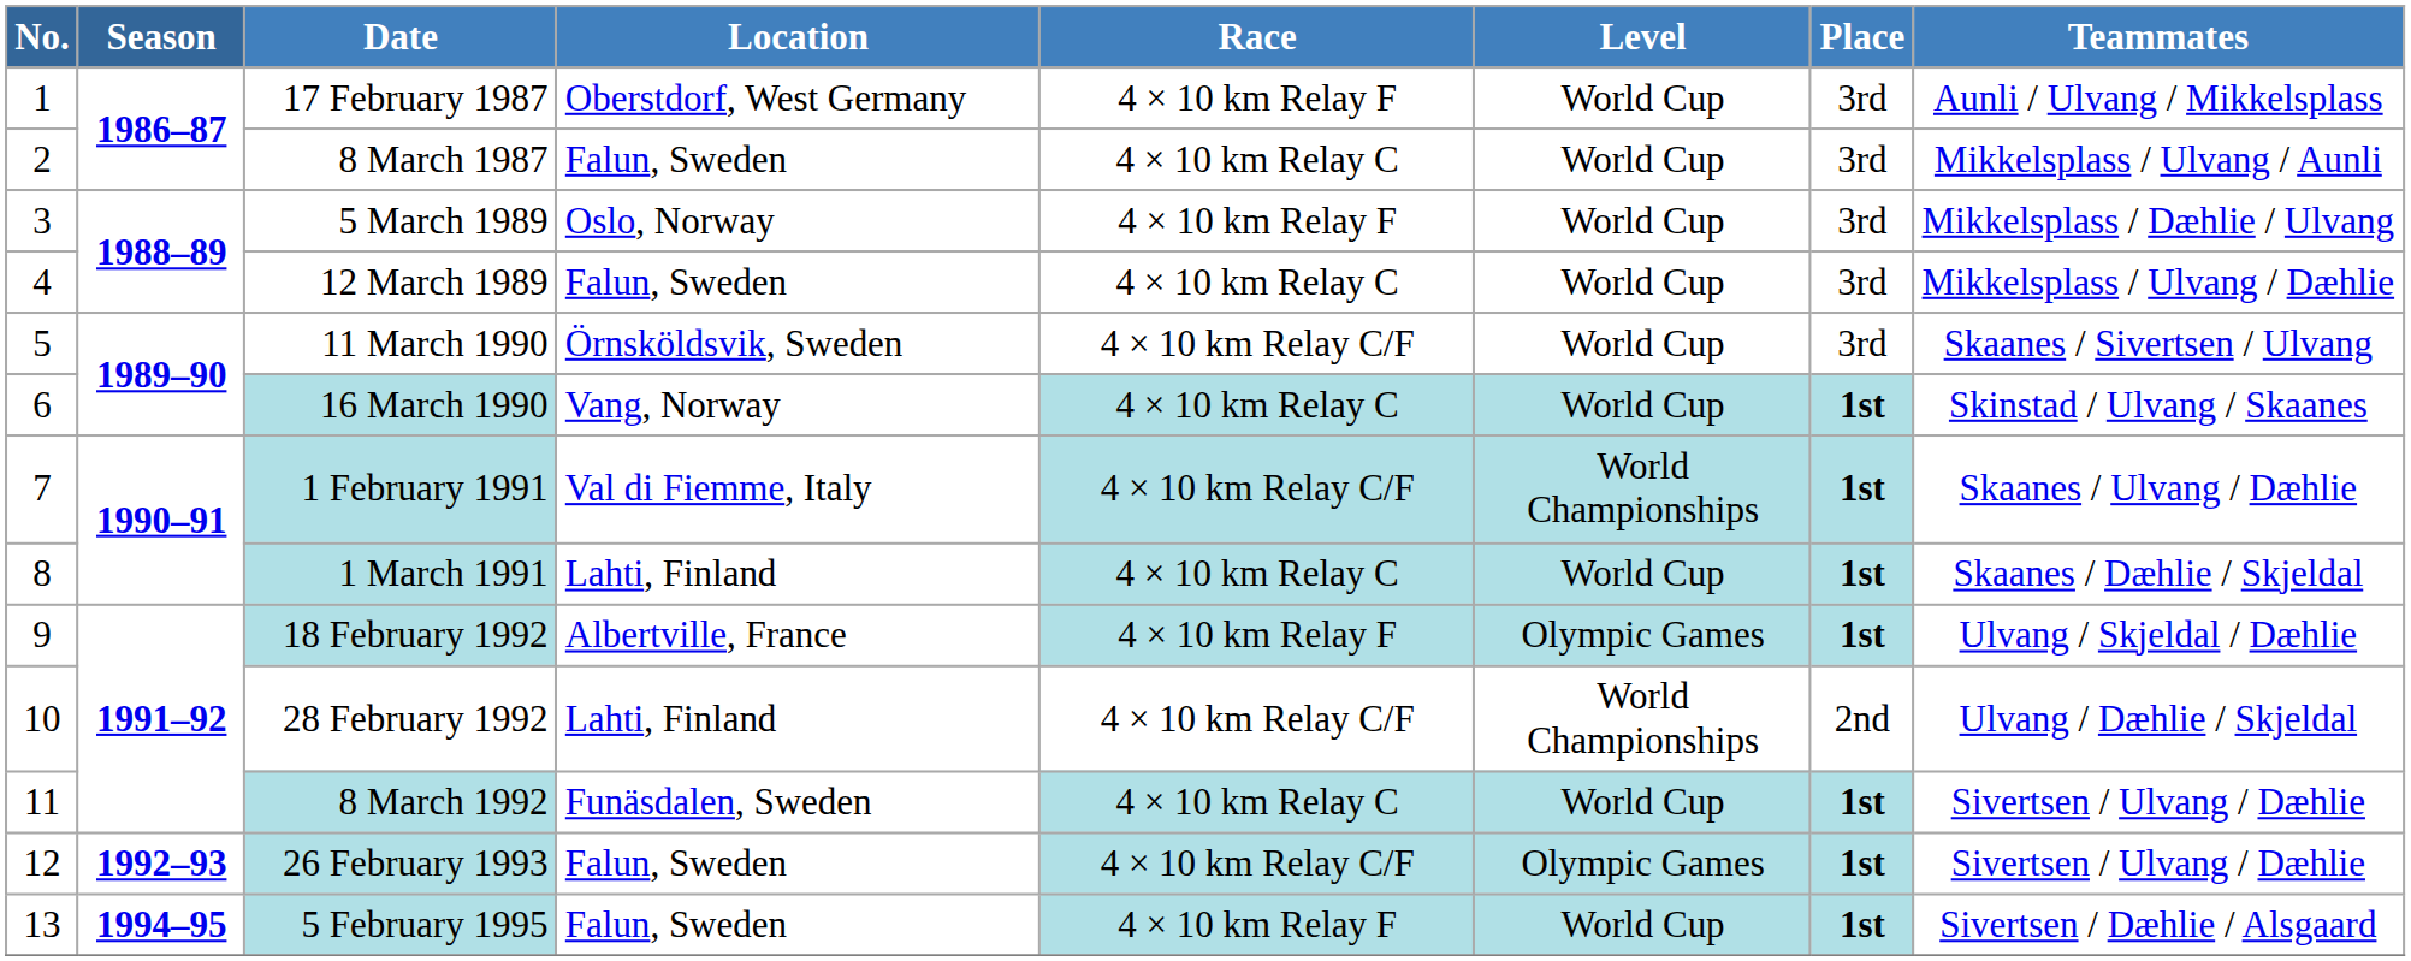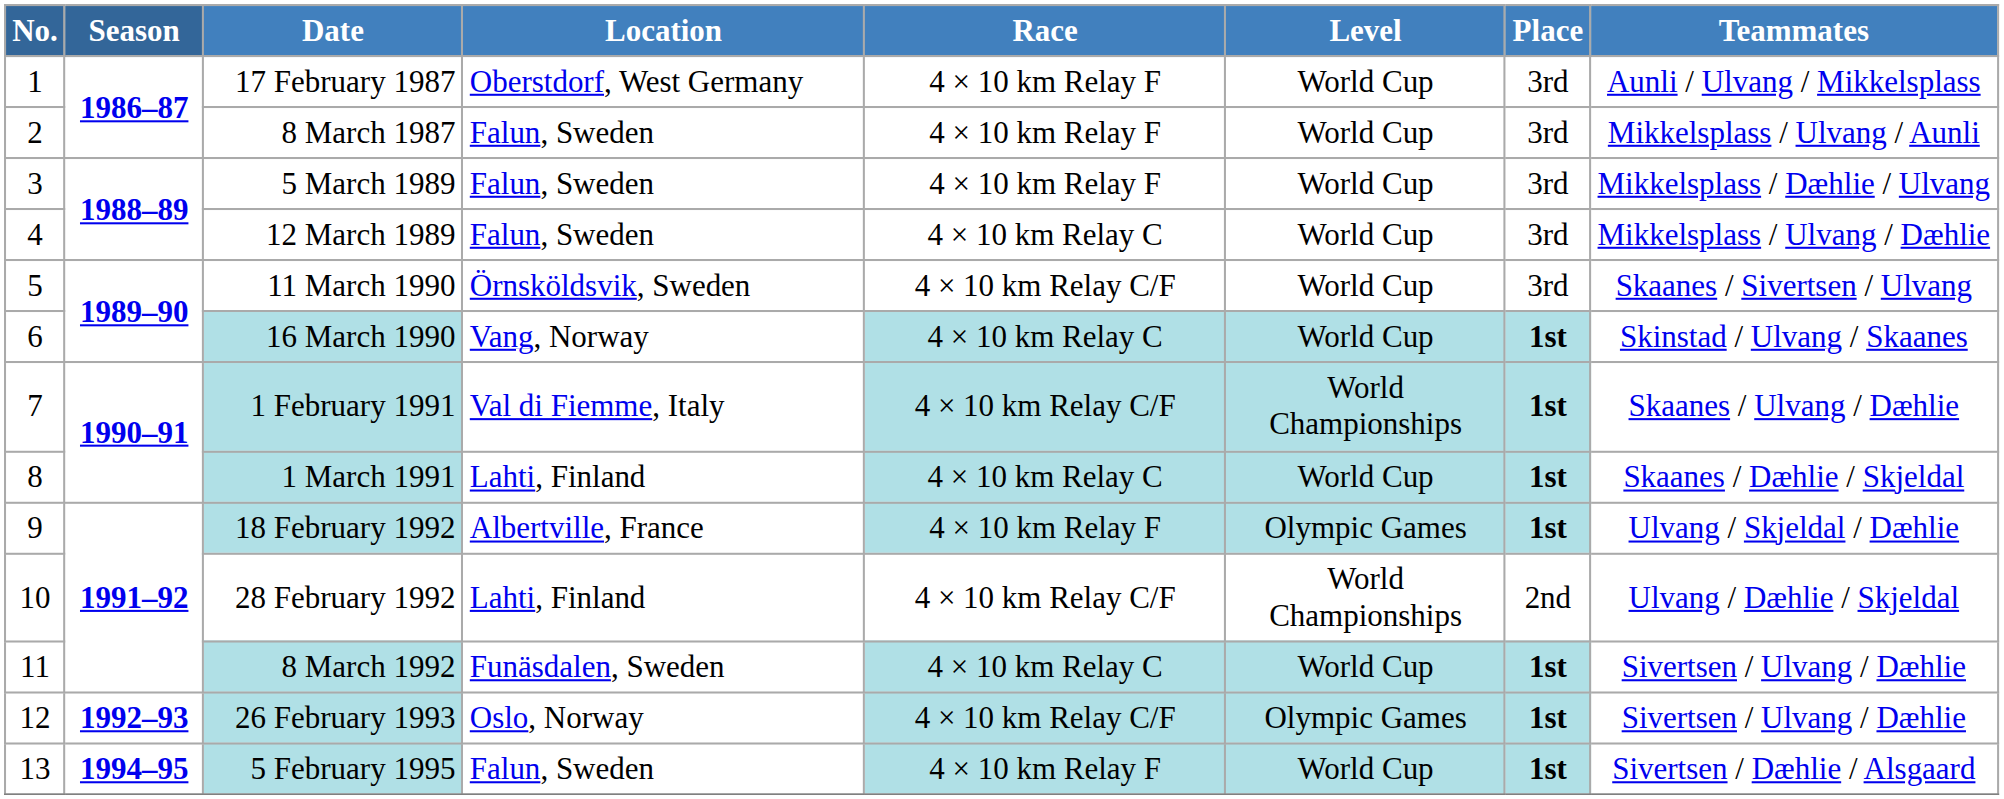 <table class="wikitable sortable" style="font-size:95%; text-align:center; border:grey solid 1px; border-collapse:collapse; background:#ffffff;">
 <tr style="background:#efefef;">
 <th style="background-color:#369; color:white;">No.</th>
 <th style="background-color:#369; color:white;">Season</th>
 <th style="background-color:#4180be; color:white; width:120px;">Date</th>
 <th style="background-color:#4180be; color:white; width:190px;">Location</th>
 <th style="background-color:#4180be; color:white; width:170px;">Race</th>
 <th style="background-color:#4180be; color:white; width:130px;">Level</th>
 <th style="background-color:#4180be; color:white;">Place</th>
 <th style="background-color:#4180be; color:white;">Teammates</th>
 </tr>
 <tr>
 <td align=center>1</td>
 <td rowspan=2 align=center><strong> <a href='#'>1986–87</a> </strong></td>
 <td align=right>17 February 1987</td>
 <td align=left> <a href='#'>Oberstdorf</a>, West Germany</td>
 <td>4 × 10 km Relay F</td>
 <td>World Cup</td>
 <td>3rd</td>
 <td><a href='#'>Aunli</a> / <a href='#'>Ulvang</a> / <a href='#'>Mikkelsplass</a></td>
 </tr>
 <tr>
 <td align=center>2</td>
 <td align=right>8 March 1987</td>
 <td align=left> <a href='#'>Falun</a>, Sweden</td>
-<td>4 × 10 km Relay C</td>
+<td>4 × 10 km Relay F</td>
 <td>World Cup</td>
 <td>3rd</td>
 <td><a href='#'>Mikkelsplass</a> / <a href='#'>Ulvang</a> / <a href='#'>Aunli</a></td>
 </tr>
 <tr>
 <td align=center>3</td>
 <td rowspan=2 align=center><strong> <a href='#'>1988–89</a> </strong></td>
 <td align=right>5 March 1989</td>
-<td align=left> <a href='#'>Oslo</a>, Norway</td>
+<td align=left> <a href='#'>Falun</a>, Sweden</td>
 <td>4 × 10 km Relay F</td>
 <td>World Cup</td>
 <td>3rd</td>
 <td><a href='#'>Mikkelsplass</a> / <a href='#'>Dæhlie</a> / <a href='#'>Ulvang</a></td>
 </tr>
 <tr>
 <td align=center>4</td>
 <td align=right>12 March 1989</td>
 <td align=left> <a href='#'>Falun</a>, Sweden</td>
 <td>4 × 10 km Relay C</td>
 <td>World Cup</td>
 <td>3rd</td>
 <td><a href='#'>Mikkelsplass</a> / <a href='#'>Ulvang</a> / <a href='#'>Dæhlie</a></td>
 </tr>
 <tr>
 <td align=center>5</td>
 <td rowspan=2 align=center><strong> <a href='#'>1989–90</a> </strong></td>
 <td align=right>11 March 1990</td>
 <td align=left> <a href='#'>Örnsköldsvik</a>, Sweden</td>
 <td>4 × 10 km Relay C/F</td>
 <td>World Cup</td>
 <td>3rd</td>
 <td><a href='#'>Skaanes</a> / <a href='#'>Sivertsen</a> / <a href='#'>Ulvang</a></td>
 </tr>
 <tr>
 <td align=center>6</td>
 <td bgcolor="#BOEOE6" align=right>16 March 1990</td>
 <td align=left> <a href='#'>Vang</a>, Norway</td>
 <td bgcolor="#BOEOE6">4 × 10 km Relay C</td>
 <td bgcolor="#BOEOE6">World Cup</td>
 <td bgcolor="#BOEOE6"><strong>1st</strong></td>
 <td><a href='#'>Skinstad</a> / <a href='#'>Ulvang</a> / <a href='#'>Skaanes</a></td>
 </tr>
 <tr>
 <td align=center>7</td>
 <td rowspan=2 align=center><strong><a href='#'>1990–91</a></strong></td>
 <td bgcolor="#BOEOE6" align=right>1 February 1991</td>
 <td align=left> <a href='#'>Val di Fiemme</a>, Italy</td>
 <td bgcolor="#BOEOE6">4 × 10 km Relay C/F</td>
 <td bgcolor="#BOEOE6">World Championships</td>
 <td bgcolor="#BOEOE6"><strong>1st</strong></td>
 <td><a href='#'>Skaanes</a> / <a href='#'>Ulvang</a> / <a href='#'>Dæhlie</a></td>
 </tr>
 <tr>
 <td align=center>8</td>
 <td bgcolor="#BOEOE6" align=right>1 March 1991</td>
 <td align=left> <a href='#'>Lahti</a>, Finland</td>
 <td bgcolor="#BOEOE6">4 × 10 km Relay C</td>
 <td bgcolor="#BOEOE6">World Cup</td>
 <td bgcolor="#BOEOE6"><strong>1st</strong></td>
 <td><a href='#'>Skaanes</a> / <a href='#'>Dæhlie</a> / <a href='#'>Skjeldal</a></td>
 </tr>
 <tr>
 <td align=center>9</td>
 <td rowspan=3 align=center><strong><a href='#'>1991–92</a></strong></td>
 <td bgcolor="#BOEOE6" align=right>18 February 1992</td>
 <td align=left> <a href='#'>Albertville</a>, France</td>
 <td bgcolor="#BOEOE6">4 × 10 km Relay F</td>
 <td bgcolor="#BOEOE6">Olympic Games</td>
 <td bgcolor="#BOEOE6"><strong>1st</strong></td>
 <td><a href='#'>Ulvang</a> / <a href='#'>Skjeldal</a> / <a href='#'>Dæhlie</a></td>
 </tr>
 <tr>
 <td align=center>10</td>
 <td align=right>28 February 1992</td>
 <td align=left> <a href='#'>Lahti</a>, Finland</td>
 <td>4 × 10 km Relay C/F</td>
 <td>World Championships</td>
 <td>2nd</td>
 <td><a href='#'>Ulvang</a> / <a href='#'>Dæhlie</a> / <a href='#'>Skjeldal</a></td>
 </tr>
 <tr>
 <td align=center>11</td>
 <td bgcolor="#BOEOE6" align=right>8 March 1992</td>
 <td align=left> <a href='#'>Funäsdalen</a>, Sweden</td>
 <td bgcolor="#BOEOE6">4 × 10 km Relay C</td>
 <td bgcolor="#BOEOE6">World Cup</td>
 <td bgcolor="#BOEOE6"><strong>1st</strong></td>
 <td><a href='#'>Sivertsen</a> / <a href='#'>Ulvang</a> / <a href='#'>Dæhlie</a></td>
 </tr>
 <tr>
 <td align=center>12</td>
 <td rowspan=1 align=center><strong><a href='#'>1992–93</a></strong></td>
 <td bgcolor="#BOEOE6" align=right>26 February 1993</td>
-<td align=left> <a href='#'>Falun</a>, Sweden</td>
+<td align=left> <a href='#'>Oslo</a>, Norway</td>
 <td bgcolor="#BOEOE6">4 × 10 km Relay C/F</td>
 <td bgcolor="#BOEOE6">Olympic Games</td>
 <td bgcolor="#BOEOE6"><strong>1st</strong></td>
 <td><a href='#'>Sivertsen</a> / <a href='#'>Ulvang</a> / <a href='#'>Dæhlie</a></td>
 </tr>
 <tr>
 <td align=center>13</td>
 <td rowspan=1 align=center><strong><a href='#'>1994–95</a></strong></td>
 <td bgcolor="#BOEOE6" align=right>5 February 1995</td>
 <td align=left> <a href='#'>Falun</a>, Sweden</td>
 <td bgcolor="#BOEOE6">4 × 10 km Relay F</td>
 <td bgcolor="#BOEOE6">World Cup</td>
 <td bgcolor="#BOEOE6"><strong>1st</strong></td>
 <td><a href='#'>Sivertsen</a> / <a href='#'>Dæhlie</a> / <a href='#'>Alsgaard</a></td>
 </tr>
 <tr>
 </tr>
 </table>
